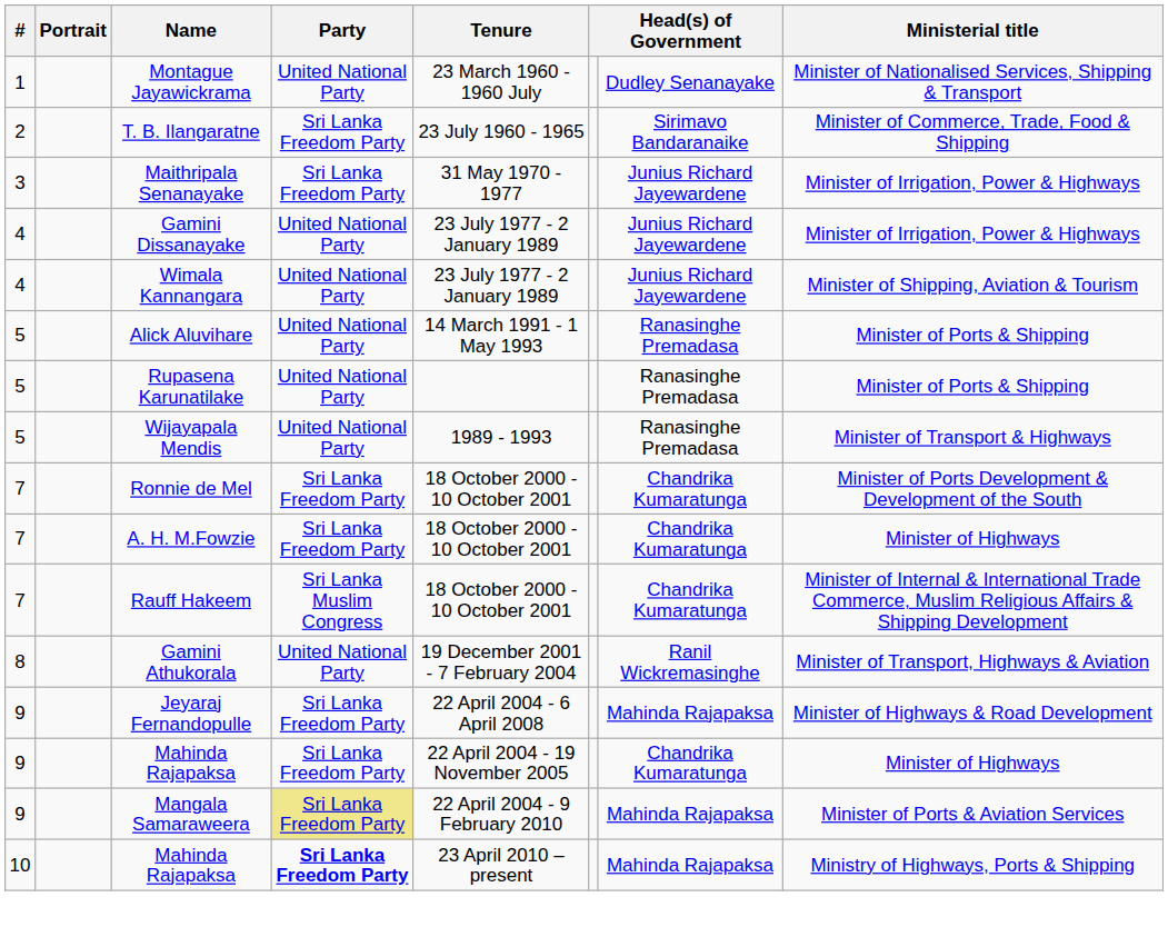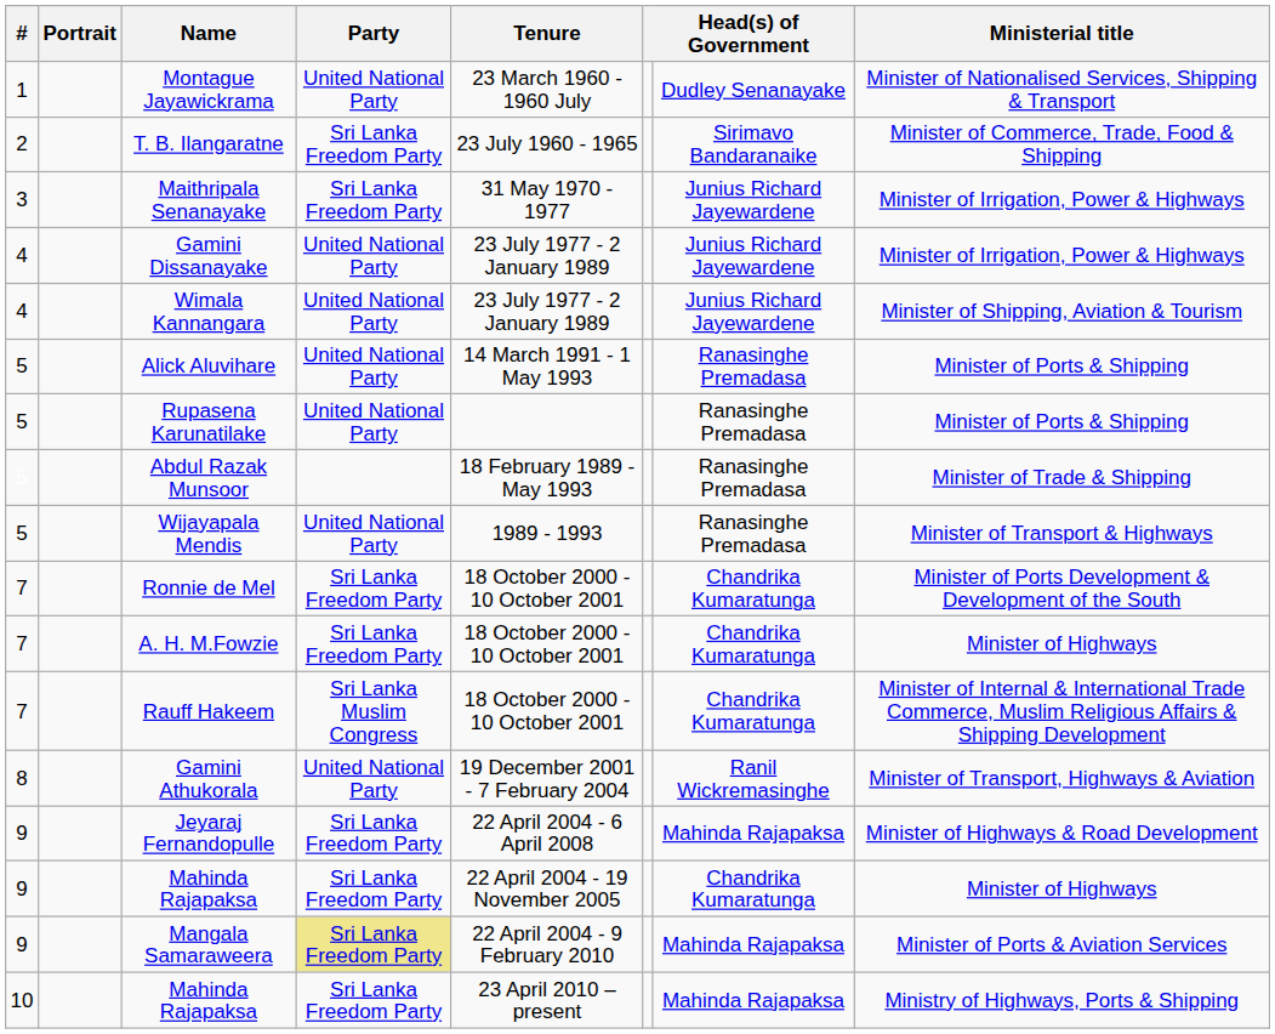 <table class="wikitable" style="margin:1em auto; font-size:90%; text-align:center;">
 <tr>
 <th>#</th>
 <th>Portrait</th>
 <th>Name</th>
 <th>Party</th>
 <th>Tenure</th>
 <th colspan="2">Head(s) of Government</th>
 <th>Ministerial title</th>
 </tr>
 <tr>
 <td !align="center" style="background:">1</td>
 <td></td>
 <td><a href='#'>Montague Jayawickrama</a></td>
 <td><a href='#'>United National Party</a></td>
 <td>23 March 1960 - 1960 July</td>
 <td !align="center" style="background:"></td>
 <td><a href='#'>Dudley Senanayake</a></td>
 <td><a href='#'>Minister of Nationalised Services, Shipping & Transport</a></td>
 </tr>
 <tr>
 <td !align="center" style="background:">2</td>
 <td></td>
 <td><a href='#'>T. B. Ilangaratne</a></td>
 <td><a href='#'>Sri Lanka Freedom Party</a></td>
 <td>23 July 1960 - 1965</td>
 <td !align="center" style="background:"></td>
 <td><a href='#'>Sirimavo Bandaranaike</a></td>
 <td><a href='#'>Minister of Commerce, Trade, Food & Shipping</a></td>
 </tr>
 <tr>
 <td !align="center" style="background:">3</td>
 <td></td>
 <td><a href='#'>Maithripala Senanayake</a></td>
 <td><a href='#'>Sri Lanka Freedom Party</a></td>
 <td>31 May 1970 - 1977</td>
 <td !align="center" style="background:"></td>
 <td><a href='#'>Junius Richard Jayewardene</a></td>
 <td><a href='#'>Minister of Irrigation, Power & Highways</a></td>
 </tr>
 <tr>
 <td !align="center" style="background:">4</td>
 <td></td>
 <td><a href='#'>Gamini Dissanayake</a></td>
 <td><a href='#'>United National Party</a></td>
 <td>23 July 1977 - 2 January 1989</td>
 <td !align="center" style="background:"></td>
 <td><a href='#'>Junius Richard Jayewardene</a></td>
 <td><a href='#'>Minister of Irrigation, Power & Highways</a></td>
 </tr>
 <tr>
 <td !align="center" style="background:">4</td>
 <td></td>
 <td><a href='#'>Wimala Kannangara</a></td>
 <td><a href='#'>United National Party</a></td>
 <td>23 July 1977 - 2 January 1989</td>
 <td !align="center" style="background:"></td>
 <td><a href='#'>Junius Richard Jayewardene</a></td>
 <td><a href='#'>Minister of Shipping, Aviation & Tourism</a></td>
 </tr>
 <tr>
 <td !align="center" style="background:">5</td>
 <td></td>
 <td><a href='#'>Alick Aluvihare</a></td>
 <td><a href='#'>United National Party</a></td>
 <td>14 March 1991 - 1 May 1993</td>
 <td !align="center" style="background:"></td>
 <td><a href='#'>Ranasinghe Premadasa</a></td>
 <td><a href='#'>Minister of Ports & Shipping</a></td>
 </tr>
 <tr>
 <td !align="center" style="background:">5</td>
 <td></td>
 <td><a href='#'>Rupasena Karunatilake</a></td>
 <td><a href='#'>United National Party</a></td>
 <td></td>
 <td !align="center" style="background:"></td>
 <td>Ranasinghe Premadasa</td>
 <td><a href='#'>Minister of Ports & Shipping</a></td>
+</tr>
+<tr>
+<td !align="center" style="background:; color:white;">5</td>
+<td></td>
+<td><a href='#'>Abdul Razak Munsoor</a></td>
+<td></td>
+<td>18 February 1989 - May 1993</td>
+<td !align="center" style="background:; color:white;"></td>
+<td>Ranasinghe Premadasa</td>
+<td><a href='#'>Minister of Trade & Shipping</a></td>
 </tr>
 <tr>
 <td !align="center" style="background:">5</td>
 <td></td>
 <td><a href='#'>Wijayapala Mendis</a></td>
 <td><a href='#'>United National Party</a></td>
 <td>1989 - 1993</td>
 <td !align="center" style="background:"></td>
 <td>Ranasinghe Premadasa</td>
 <td><a href='#'>Minister of Transport & Highways</a></td>
 </tr>
 <tr>
 <td !align="center" style="background:">7</td>
 <td></td>
 <td><a href='#'>Ronnie de Mel</a></td>
 <td><a href='#'>Sri Lanka Freedom Party</a></td>
 <td>18 October 2000 - 10 October 2001</td>
 <td !align="center" style="background:"></td>
 <td><a href='#'>Chandrika Kumaratunga</a></td>
 <td><a href='#'>Minister of Ports Development & Development of the South</a></td>
 </tr>
 <tr>
 <td !align="center" style="background:">7</td>
 <td></td>
 <td><a href='#'>A. H. M.Fowzie</a></td>
 <td><a href='#'>Sri Lanka Freedom Party</a></td>
 <td>18 October 2000 - 10 October 2001</td>
 <td !align="center" style="background:"></td>
 <td><a href='#'>Chandrika Kumaratunga</a></td>
 <td><a href='#'>Minister of Highways</a></td>
 </tr>
 <tr>
 <td !align="center" style="background:">7</td>
 <td></td>
 <td><a href='#'>Rauff Hakeem</a></td>
 <td><a href='#'>Sri Lanka Muslim Congress</a></td>
 <td>18 October 2000 - 10 October 2001</td>
 <td !align="center" style="background:"></td>
 <td><a href='#'>Chandrika Kumaratunga</a></td>
 <td><a href='#'>Minister of Internal & International Trade Commerce, Muslim Religious Affairs & Shipping Development</a></td>
 </tr>
 <tr>
 <td !align="center" style="background:">8</td>
 <td></td>
 <td><a href='#'>Gamini Athukorala</a></td>
 <td><a href='#'>United National Party</a></td>
 <td>19 December 2001 - 7 February 2004</td>
 <td !align="center" style="background:"></td>
 <td><a href='#'>Ranil Wickremasinghe</a></td>
 <td><a href='#'>Minister of Transport, Highways & Aviation</a></td>
 </tr>
 <tr>
 <td !align="center" style="background:">9</td>
 <td></td>
 <td><a href='#'>Jeyaraj Fernandopulle</a></td>
 <td><a href='#'>Sri Lanka Freedom Party</a></td>
 <td>22 April 2004 - 6 April 2008</td>
 <td !align="center" style="background:"></td>
 <td><a href='#'>Mahinda Rajapaksa</a></td>
 <td><a href='#'>Minister of Highways & Road Development</a></td>
 </tr>
 <tr>
 <td !align="center" style="background:">9</td>
 <td></td>
 <td><a href='#'>Mahinda Rajapaksa</a></td>
 <td><a href='#'>Sri Lanka Freedom Party</a></td>
 <td>22 April 2004 - 19 November 2005</td>
 <td !align="center" style="background:"></td>
 <td><a href='#'>Chandrika Kumaratunga</a></td>
 <td><a href='#'>Minister of Highways</a></td>
 </tr>
 <tr>
 <td !align="center" style="background:">9</td>
 <td></td>
 <td><a href='#'>Mangala Samaraweera</a></td>
 <td style="background: khaki;"><a href='#'>Sri Lanka Freedom Party</a></td>
 <td>22 April 2004 - 9 February 2010</td>
 <td !align="center" style="background:"></td>
 <td><a href='#'>Mahinda Rajapaksa</a></td>
 <td><a href='#'>Minister of Ports & Aviation Services</a></td>
 </tr>
 <tr>
 <td !align="center" style="background:">10</td>
 <td></td>
 <td><a href='#'>Mahinda Rajapaksa</a></td>
-<td><strong><a href='#'>Sri Lanka Freedom Party</a></strong></td>
+<td><a href='#'>Sri Lanka Freedom Party</a></td>
 <td>23 April 2010 – present</td>
 <td !align="center" style="background:"></td>
 <td><a href='#'>Mahinda Rajapaksa</a></td>
 <td><a href='#'>Ministry of Highways, Ports & Shipping</a></td>
 </tr>
 </table>
